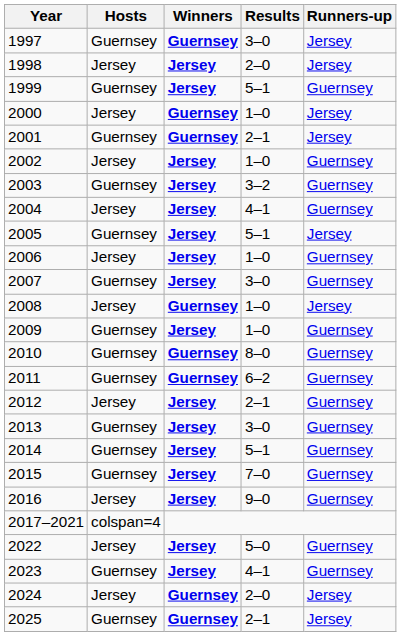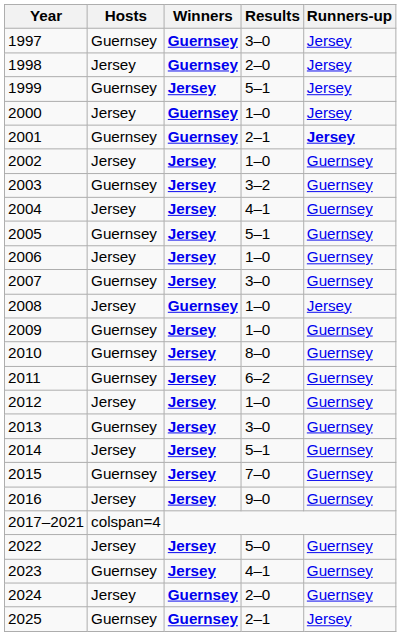 <table class="wikitable">
 <tr>
 <th>Year</th>
 <th>Hosts</th>
 <th>Winners</th>
 <th>Results</th>
 <th>Runners-up</th>
 </tr>
 <tr>
 <td>1997</td>
 <td>Guernsey</td>
 <td> <strong><a href='#'>Guernsey</a></strong></td>
 <td>3–0</td>
 <td> <a href='#'>Jersey</a></td>
 </tr>
 <tr>
 <td>1998</td>
 <td>Jersey</td>
-<td> <strong><a href='#'>Jersey</a></strong></td>
+<td> <strong><a href='#'>Guernsey</a></strong></td>
 <td>2–0</td>
 <td> <a href='#'>Jersey</a></td>
 </tr>
 <tr>
 <td>1999</td>
 <td>Guernsey</td>
 <td> <strong><a href='#'>Jersey</a></strong></td>
 <td>5–1</td>
-<td> <a href='#'>Guernsey</a></td>
+<td> <a href='#'>Jersey</a></td>
 </tr>
 <tr>
 <td>2000</td>
 <td>Jersey</td>
 <td> <strong><a href='#'>Guernsey</a></strong></td>
 <td>1–0</td>
 <td> <a href='#'>Jersey</a></td>
 </tr>
 <tr>
 <td>2001</td>
 <td>Guernsey</td>
 <td> <strong><a href='#'>Guernsey</a></strong></td>
 <td>2–1</td>
-<td> <a href='#'>Jersey</a></td>
+<td><strong> <a href='#'>Jersey</a></strong></td>
 </tr>
 <tr>
 <td>2002</td>
 <td>Jersey</td>
 <td> <strong><a href='#'>Jersey</a></strong></td>
 <td>1–0</td>
 <td> <a href='#'>Guernsey</a></td>
 </tr>
 <tr>
 <td>2003</td>
 <td>Guernsey</td>
 <td> <strong><a href='#'>Jersey</a></strong></td>
 <td>3–2</td>
 <td> <a href='#'>Guernsey</a></td>
 </tr>
 <tr>
 <td>2004</td>
 <td>Jersey</td>
 <td> <strong><a href='#'>Jersey</a></strong></td>
 <td>4–1</td>
 <td> <a href='#'>Guernsey</a></td>
 </tr>
 <tr>
 <td>2005</td>
 <td>Guernsey</td>
 <td> <strong><a href='#'>Jersey</a></strong></td>
 <td>5–1</td>
-<td> <a href='#'>Jersey</a></td>
+<td> <a href='#'>Guernsey</a></td>
 </tr>
 <tr>
 <td>2006</td>
 <td>Jersey</td>
 <td> <strong><a href='#'>Jersey</a></strong></td>
 <td>1–0</td>
 <td> <a href='#'>Guernsey</a></td>
 </tr>
 <tr>
 <td>2007</td>
 <td>Guernsey</td>
 <td> <strong><a href='#'>Jersey</a></strong></td>
 <td>3–0</td>
 <td> <a href='#'>Guernsey</a></td>
 </tr>
 <tr>
 <td>2008</td>
 <td>Jersey</td>
 <td> <strong><a href='#'>Guernsey</a></strong></td>
 <td>1–0</td>
 <td> <a href='#'>Jersey</a></td>
 </tr>
 <tr>
 <td>2009</td>
 <td>Guernsey</td>
 <td> <strong><a href='#'>Jersey</a></strong></td>
 <td>1–0</td>
 <td> <a href='#'>Guernsey</a></td>
 </tr>
 <tr>
 <td>2010</td>
 <td>Guernsey</td>
-<td> <strong><a href='#'>Guernsey</a></strong></td>
+<td> <strong><a href='#'>Jersey</a></strong></td>
 <td>8–0</td>
 <td> <a href='#'>Guernsey</a></td>
 </tr>
 <tr>
 <td>2011</td>
 <td>Guernsey</td>
-<td> <strong><a href='#'>Guernsey</a></strong></td>
+<td> <strong><a href='#'>Jersey</a></strong></td>
 <td>6–2</td>
 <td> <a href='#'>Guernsey</a></td>
 </tr>
 <tr>
 <td>2012</td>
 <td>Jersey</td>
 <td> <strong><a href='#'>Jersey</a></strong></td>
-<td>2–1</td>
+<td>1–0</td>
 <td> <a href='#'>Guernsey</a></td>
 </tr>
 <tr>
 <td>2013</td>
 <td>Guernsey</td>
 <td> <strong><a href='#'>Jersey</a></strong></td>
 <td>3–0</td>
 <td> <a href='#'>Guernsey</a></td>
 </tr>
 <tr>
 <td>2014</td>
-<td>Guernsey</td>
+<td>Jersey</td>
 <td> <strong><a href='#'>Jersey</a></strong></td>
 <td>5–1</td>
 <td> <a href='#'>Guernsey</a></td>
 </tr>
 <tr>
 <td>2015</td>
 <td>Guernsey</td>
 <td> <strong><a href='#'>Jersey</a></strong></td>
 <td>7–0</td>
 <td> <a href='#'>Guernsey</a></td>
 </tr>
 <tr>
 <td>2016</td>
 <td>Jersey</td>
 <td> <strong><a href='#'>Jersey</a></strong></td>
 <td>9–0</td>
 <td> <a href='#'>Guernsey</a></td>
 </tr>
 <tr>
 <td>2017–2021</td>
 <td>colspan=4</td>
 </tr>
 <tr>
 <td>2022</td>
 <td>Jersey</td>
 <td> <strong><a href='#'>Jersey</a></strong></td>
 <td>5–0</td>
 <td> <a href='#'>Guernsey</a></td>
 </tr>
 <tr>
 <td>2023</td>
 <td>Guernsey</td>
 <td> <strong><a href='#'>Jersey</a></strong></td>
 <td>4–1</td>
 <td> <a href='#'>Guernsey</a></td>
 </tr>
 <tr>
 <td>2024</td>
 <td>Jersey</td>
 <td> <strong><a href='#'>Guernsey</a></strong></td>
 <td>2–0</td>
-<td> <a href='#'>Jersey</a></td>
+<td> <a href='#'>Guernsey</a></td>
 </tr>
 <tr>
 <td>2025</td>
 <td>Guernsey</td>
 <td> <strong><a href='#'>Guernsey</a></strong></td>
 <td>2–1</td>
 <td> <a href='#'>Jersey</a></td>
 </tr>
 </table>
